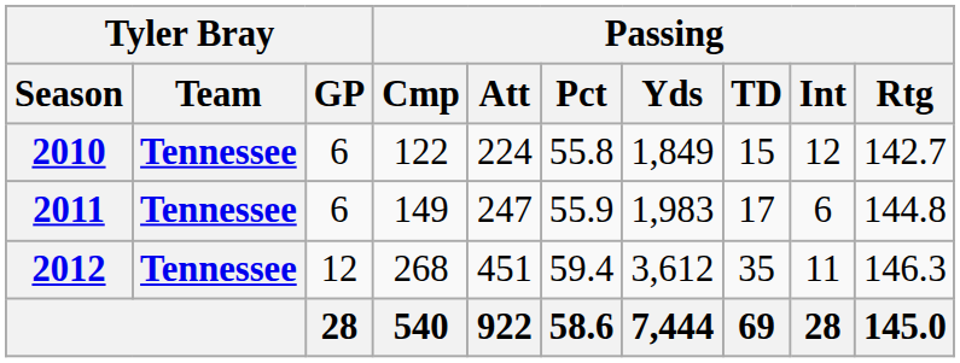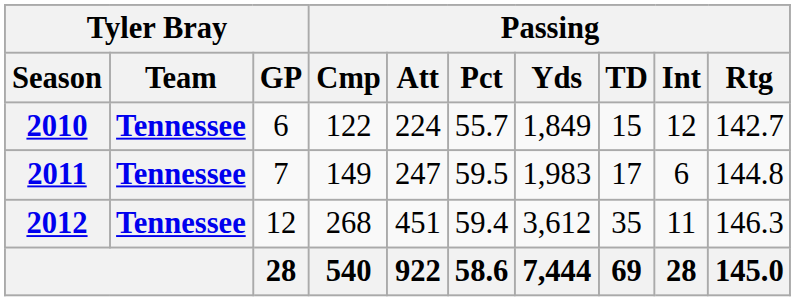 <table class="wikitable" style="text-align:center;">
 <tr>
 <th colspan="3">Tyler Bray</th>
 <th colspan="7">Passing</th>
 </tr>
 <tr>
 <th>Season</th>
 <th>Team</th>
 <th>GP</th>
 <th>Cmp</th>
 <th>Att</th>
 <th>Pct</th>
 <th>Yds</th>
 <th>TD</th>
 <th>Int</th>
 <th>Rtg</th>
 </tr>
 <tr>
 <th><a href='#'>2010</a></th>
 <th><a href='#'>Tennessee</a></th>
 <td>6</td>
 <td>122</td>
 <td>224</td>
-<td>55.8</td>
+<td>55.7</td>
 <td>1,849</td>
 <td>15</td>
 <td>12</td>
 <td>142.7</td>
 </tr>
 <tr>
 <th><a href='#'>2011</a></th>
 <th><a href='#'>Tennessee</a></th>
-<td>6</td>
+<td>7</td>
 <td>149</td>
 <td>247</td>
-<td>55.9</td>
+<td>59.5</td>
 <td>1,983</td>
 <td>17</td>
 <td>6</td>
 <td>144.8</td>
 </tr>
 <tr>
 <th><a href='#'>2012</a></th>
 <th><a href='#'>Tennessee</a></th>
 <td>12</td>
 <td>268</td>
 <td>451</td>
 <td>59.4</td>
 <td>3,612</td>
 <td>35</td>
 <td>11</td>
 <td>146.3</td>
 </tr>
 <tr>
 <th colspan="2"></th>
 <th>28</th>
 <th>540</th>
 <th>922</th>
 <th>58.6</th>
 <th>7,444</th>
 <th>69</th>
 <th>28</th>
 <th>145.0</th>
 </tr>
 </table>
